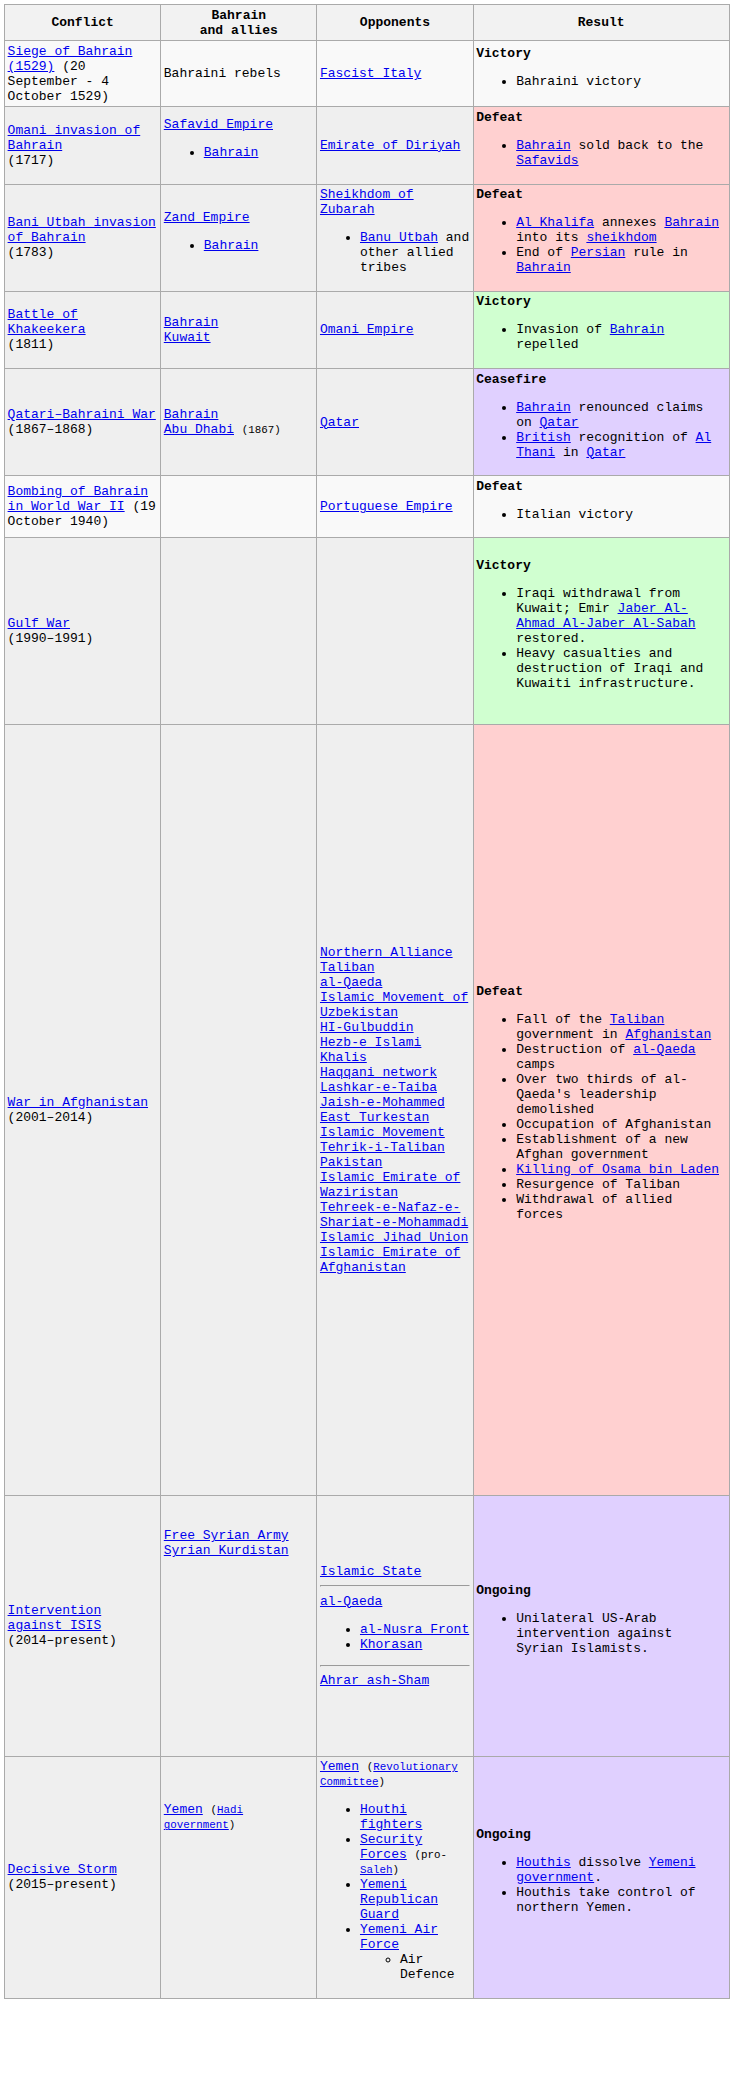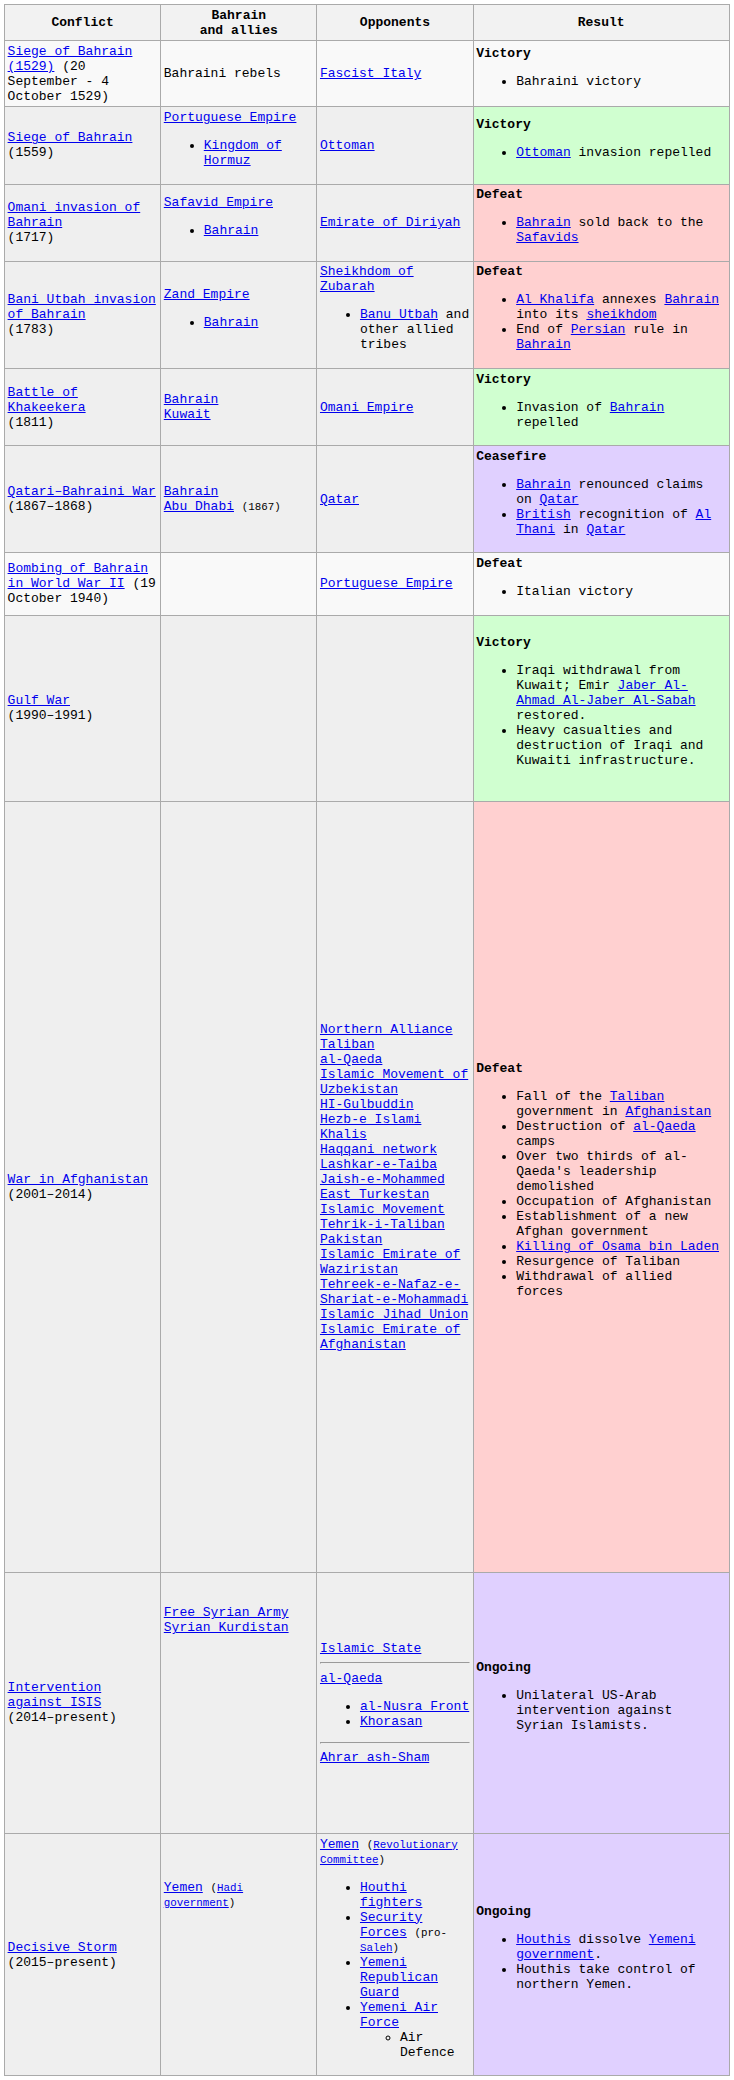 <table class="wikitable">
 <tr>
 <th width="150">Conflict</th>
 <th width="150">Bahrain<br>and allies</th>
 <th width="150">Opponents</th>
 <th width="250">Result</th>
 </tr>
 <tr>
 <td><a href='#'>Siege of Bahrain (1529)</a> (20 September - 4 October 1529)</td>
 <td>Bahraini rebels</td>
 <td><a href='#'>Fascist Italy</a></td>
 <td><strong>Victory</strong><br><ul><li>Bahraini victory</li></ul></td>
+</tr>
+<tr>
+<td style="background:#efefef"><a href='#'>Siege of Bahrain</a><br>(1559)</td>
+<td style="background:#efefef"> <a href='#'>Portuguese Empire</a><br><ul><li><a href='#'>Kingdom of Hormuz</a></li></ul></td>
+<td style="background:#efefef"> <a href='#'>Ottoman</a></td>
+<td style="background:#D0FFD0"><strong>Victory</strong><br><ul><li><a href='#'>Ottoman</a> invasion repelled</li></ul></td>
 </tr>
 <tr>
 <td style="background:#efefef"><a href='#'>Omani invasion of Bahrain</a><br>(1717)</td>
 <td style="background:#efefef"> <a href='#'>Safavid Empire</a><br><ul><li><a href='#'>Bahrain</a></li></ul></td>
 <td style="background:#efefef"> <a href='#'>Emirate of Diriyah</a></td>
 <td style="background:#FFD0D0"><strong>Defeat</strong><br><ul><li><a href='#'>Bahrain</a> sold back to the <a href='#'>Safavids</a></li></ul></td>
 </tr>
 <tr>
 <td style="background:#efefef"><a href='#'>Bani Utbah invasion of Bahrain</a><br>(1783)</td>
 <td style="background:#efefef"> <a href='#'>Zand Empire</a><br><ul><li><a href='#'>Bahrain</a></li></ul></td>
 <td style="background:#efefef"> <a href='#'>Sheikhdom of Zubarah</a><br><ul><li> <a href='#'>Banu Utbah</a> and other allied tribes</li></ul></td>
 <td style="background:#FFD0D0"><strong>Defeat</strong><br><ul><li><a href='#'>Al Khalifa</a> annexes <a href='#'>Bahrain</a> into its <a href='#'>sheikhdom</a></li><li>End of <a href='#'>Persian</a> rule in <a href='#'>Bahrain</a></li></ul></td>
 </tr>
 <tr>
 <td style="background:#efefef"><a href='#'>Battle of Khakeekera</a><br>(1811)</td>
 <td style="background:#efefef"> <a href='#'>Bahrain</a><br> <a href='#'>Kuwait</a></td>
 <td style="background:#efefef"> <a href='#'>Omani Empire</a></td>
 <td style="background:#D0FFD0"><strong>Victory</strong><br><ul><li>Invasion of <a href='#'>Bahrain</a> repelled</li></ul></td>
 </tr>
 <tr>
 <td style="background:#efefef"><a href='#'>Qatari–Bahraini War</a><br>(1867–1868)</td>
 <td style="background:#efefef"> <a href='#'>Bahrain</a><br> <a href='#'>Abu Dhabi</a> <small>(1867)</small></td>
 <td style="background:#efefef"> <a href='#'>Qatar</a></td>
 <td style="background:#E0D0FF"><strong>Ceasefire</strong><br><ul><li><a href='#'>Bahrain</a> renounced claims on <a href='#'>Qatar</a></li><li><a href='#'>British</a> recognition of <a href='#'>Al Thani</a> in <a href='#'>Qatar</a></li></ul></td>
 </tr>
 <tr>
 <td><a href='#'>Bombing of Bahrain in World War II</a> (19 October 1940)</td>
 <td></td>
 <td><a href='#'>Portuguese Empire</a></td>
 <td><strong>Defeat</strong><br><ul><li>Italian victory</li></ul></td>
 </tr>
 <tr>
 <td style="background:#efefef"><a href='#'>Gulf War</a><br>(1990–1991)</td>
 <td style="background:#efefef"><br><br><br><br><br><br><br><br><br><br><br><br></td>
 <td style="background:#efefef"></td>
 <td style="background:#D0FFD0"><strong>Victory</strong><br><ul><li>Iraqi withdrawal from Kuwait; Emir <a href='#'>Jaber Al-Ahmad Al-Jaber Al-Sabah</a> restored.</li><li>Heavy casualties and destruction of Iraqi and Kuwaiti infrastructure.</li></ul></td>
 </tr>
 <tr>
 <td style="background:#efefef"><a href='#'>War in Afghanistan</a><br>(2001–2014)</td>
 <td style="background:#efefef"><br><br><br><br><br><br><strong></strong><br><br><br><br><br><br><br><br><br><br><br><br><br><br><br><br><br><br><br><br><br><br><br><br><br><br><br><br><br><br><br><br><br><br><br><br><br><br><br><br><br><br><br><br><br></td>
 <td style="background:#efefef"> <a href='#'>Northern Alliance</a><br> <a href='#'>Taliban</a><br> <a href='#'>al-Qaeda</a><br> <a href='#'>Islamic Movement of Uzbekistan</a><br> <a href='#'>HI-Gulbuddin</a><br> <a href='#'>Hezb-e Islami Khalis</a><br> <a href='#'>Haqqani network</a><br> <a href='#'>Lashkar-e-Taiba</a><br> <a href='#'>Jaish-e-Mohammed</a><br> <a href='#'>East Turkestan Islamic Movement</a><br> <a href='#'>Tehrik-i-Taliban Pakistan</a><br> <a href='#'>Islamic Emirate of Waziristan</a><br> <a href='#'>Tehreek-e-Nafaz-e-Shariat-e-Mohammadi</a><br> <a href='#'>Islamic Jihad Union</a><br> <a href='#'>Islamic Emirate of Afghanistan</a></td>
 <td style="background:#FFD0D0"><strong>Defeat</strong><br><ul><li>Fall of the <a href='#'>Taliban</a> government in <a href='#'>Afghanistan</a></li><li>Destruction of <a href='#'>al-Qaeda</a> camps</li><li>Over two thirds of al-Qaeda's leadership demolished</li><li>Occupation of Afghanistan</li><li>Establishment of a new Afghan government</li><li><a href='#'>Killing of Osama bin Laden</a></li><li>Resurgence of Taliban</li><li>Withdrawal of allied forces</li></ul></td>
 </tr>
 <tr>
 <td style="background:#efefef"><a href='#'>Intervention against ISIS</a><br>(2014–present)</td>
 <td style="background:#efefef"><br><br> <a href='#'>Free Syrian Army</a><br> <a href='#'>Syrian Kurdistan</a><br><br><br><br><br><br><br><br><br><br><br><br><br><br></td>
 <td style="background:#efefef"> <a href='#'>Islamic State</a><hr> <a href='#'>al-Qaeda</a><br><ul><li> <a href='#'>al-Nusra Front</a></li><li> <a href='#'>Khorasan</a></li></ul><hr> <a href='#'>Ahrar ash-Sham</a></td>
 <td style="background:#E0D0FF"><strong>Ongoing</strong><br><ul><li>Unilateral US-Arab intervention against Syrian Islamists.</li></ul></td>
 </tr>
 <tr>
 <td style="background:#efefef"><a href='#'>Decisive Storm</a><br>(2015–present)</td>
 <td style="background:#efefef"> <a href='#'>Yemen</a> <small>(<a href='#'>Hadi government</a>)</small><br><br><br><br><br><br><br><br><br></td>
 <td style="background:#efefef"> <a href='#'>Yemen</a> <small>(<a href='#'>Revolutionary Committee</a>)</small><br><ul><li> <a href='#'>Houthi fighters</a></li><li> <a href='#'>Security Forces</a> <small>(pro-<a href='#'>Saleh</a>)</small></li><li> <a href='#'>Yemeni Republican Guard</a></li><li><a href='#'>Yemeni Air Force</a><ul><li>Air Defence</li></ul></li></ul></td>
 <td style="background:#E0D0FF"><strong>Ongoing</strong><br><ul><li><a href='#'>Houthis</a> dissolve <a href='#'>Yemeni government</a>.</li><li>Houthis take control of northern Yemen.</li></ul></td>
 </tr>
 </table>
